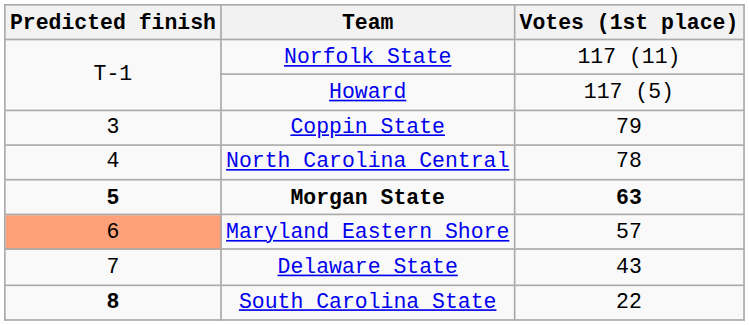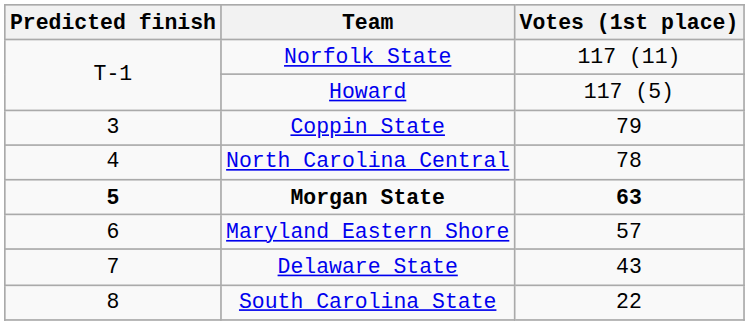 <table class="wikitable" border="1">
 <tr align=center>
 <th>Predicted finish</th>
 <th>Team</th>
 <th>Votes (1st place)</th>
 </tr>
 <tr align="center">
 <td rowspan=2>T-1</td>
 <td><a href='#'>Norfolk State</a></td>
 <td>117 (11)</td>
 </tr>
 <tr align="center">
 <td><a href='#'>Howard</a></td>
 <td>117 (5)</td>
 </tr>
 <tr align="center">
 <td>3</td>
 <td><a href='#'>Coppin State</a></td>
 <td>79</td>
 </tr>
 <tr align="center">
 <td>4</td>
 <td><a href='#'>North Carolina Central</a></td>
 <td>78</td>
 </tr>
 <tr align="center">
 <td><strong>5</strong></td>
 <td><strong>Morgan State</strong></td>
 <td><strong>63</strong></td>
 </tr>
 <tr align="center">
-<td style="background: lightsalmon;">6</td>
+<td>6</td>
 <td><a href='#'>Maryland Eastern Shore</a></td>
 <td>57</td>
 </tr>
 <tr align="center">
 <td>7</td>
 <td><a href='#'>Delaware State</a></td>
 <td>43</td>
 </tr>
 <tr align="center">
-<td><strong>8</strong></td>
+<td>8</td>
 <td><a href='#'>South Carolina State</a></td>
 <td>22</td>
 </tr>
 </table>
